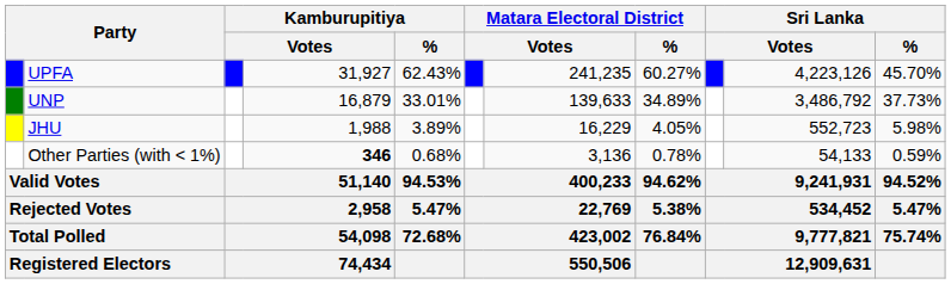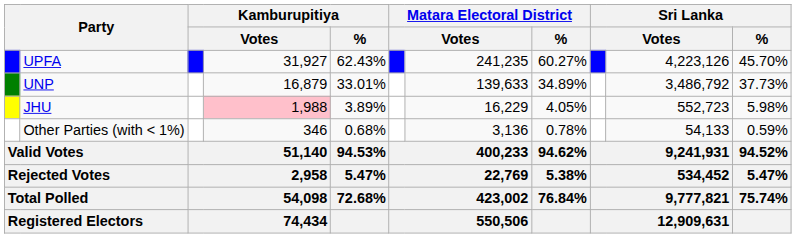 <table class="wikitable">
 <tr>
 <th colspan="2" width="144px"rowspan="2">Party</th>
 <th colspan="3" width="216px">Kamburupitiya</th>
 <th colspan="3" width="216px"><a href='#'>Matara Electoral District</a></th>
 <th colspan="3" width="216px">Sri Lanka</th>
 </tr>
 <tr>
 <th colspan="2" width="144px">Votes</th>
 <th>%</th>
 <th colspan="2" width="144px">Votes</th>
 <th>%</th>
 <th colspan="2" width="144px">Votes</th>
 <th>%</th>
 </tr>
 <tr>
 <td style="background-color:blue;" width="10px"></td>
 <td style="text-align:left;"><a href='#'>UPFA</a></td>
 <td style="background-color:blue;" width="10px"></td>
 <td style="text-align:right;">31,927</td>
 <td style="text-align:right;">62.43%</td>
 <td style="background-color:blue;" width="10px"></td>
 <td style="text-align:right;">241,235</td>
 <td style="text-align:right;">60.27%</td>
 <td style="background-color:blue;" width="10px"></td>
 <td style="text-align:right;">4,223,126</td>
 <td style="text-align:right;">45.70%</td>
 </tr>
 <tr>
 <td style="background-color:green;" width="10px"></td>
 <td style="text-align:left;"><a href='#'>UNP</a></td>
 <td style="background-color:white;" width="10px"></td>
 <td style="text-align:right;">16,879</td>
 <td style="text-align:right;">33.01%</td>
 <td style="background-color:white;" width="10px"></td>
 <td style="text-align:right;">139,633</td>
 <td style="text-align:right;">34.89%</td>
 <td style="background-color:white;" width="10px"></td>
 <td style="text-align:right;">3,486,792</td>
 <td style="text-align:right;">37.73%</td>
 </tr>
 <tr>
 <td style="background-color:yellow;" width="10px"></td>
 <td style="text-align:left;"><a href='#'>JHU</a></td>
 <td style="background-color:white;" width="10px"></td>
-<td style="text-align:right;">1,988</td>
+<td style="background: pink; text-align:right;">1,988</td>
 <td style="text-align:right;">3.89%</td>
 <td style="background-color:white;" width="10px"></td>
 <td style="text-align:right;">16,229</td>
 <td style="text-align:right;">4.05%</td>
 <td style="background-color:white;" width="10px"></td>
 <td style="text-align:right;">552,723</td>
 <td style="text-align:right;">5.98%</td>
 </tr>
 <tr>
 <td style="background-color:white;" width="10px"></td>
 <td style="text-align:left;">Other Parties (with < 1%)</td>
 <td style="background-color:white;" width="10px"></td>
-<td style="text-align:right;"><strong>346</strong></td>
+<td style="text-align:right;">346</td>
 <td style="text-align:right;">0.68%</td>
 <td style="background-color:white;" width="10px"></td>
 <td style="text-align:right;">3,136</td>
 <td style="text-align:right;">0.78%</td>
 <td style="background-color:white;" width="10px"></td>
 <td style="text-align:right;">54,133</td>
 <td style="text-align:right;">0.59%</td>
 </tr>
 <tr>
 <th colspan="2" width="144px"style="text-align:left;">Valid Votes</th>
 <th style="text-align:right;"colspan="2" width="144px">51,140</th>
 <th style="text-align:right;">94.53%</th>
 <th style="text-align:right;"colspan="2" width="144px">400,233</th>
 <th style="text-align:right;">94.62%</th>
 <th style="text-align:right;"colspan="2" width="144px">9,241,931</th>
 <th style="text-align:right;">94.52%</th>
 </tr>
 <tr>
 <th colspan="2" width="144px"style="text-align:left;">Rejected Votes</th>
 <th style="text-align:right;"colspan="2" width="144px">2,958</th>
 <th style="text-align:right;">5.47%</th>
 <th style="text-align:right;"colspan="2" width="144px">22,769</th>
 <th style="text-align:right;">5.38%</th>
 <th style="text-align:right;"colspan="2" width="144px">534,452</th>
 <th style="text-align:right;">5.47%</th>
 </tr>
 <tr>
 <th colspan="2" width="144px"style="text-align:left;">Total Polled</th>
 <th style="text-align:right;"colspan="2" width="144px">54,098</th>
 <th style="text-align:right;">72.68%</th>
 <th style="text-align:right;"colspan="2" width="144px">423,002</th>
 <th style="text-align:right;">76.84%</th>
 <th style="text-align:right;"colspan="2" width="144px">9,777,821</th>
 <th style="text-align:right;">75.74%</th>
 </tr>
 <tr>
 <th colspan="2" width="144px"style="text-align:left;">Registered Electors</th>
 <th style="text-align:right;"colspan="2" width="144px">74,434</th>
 <th></th>
 <th style="text-align:right;"colspan="2" width="144px">550,506</th>
 <th></th>
 <th style="text-align:right;"colspan="2" width="144px">12,909,631</th>
 <th></th>
 </tr>
 </table>
